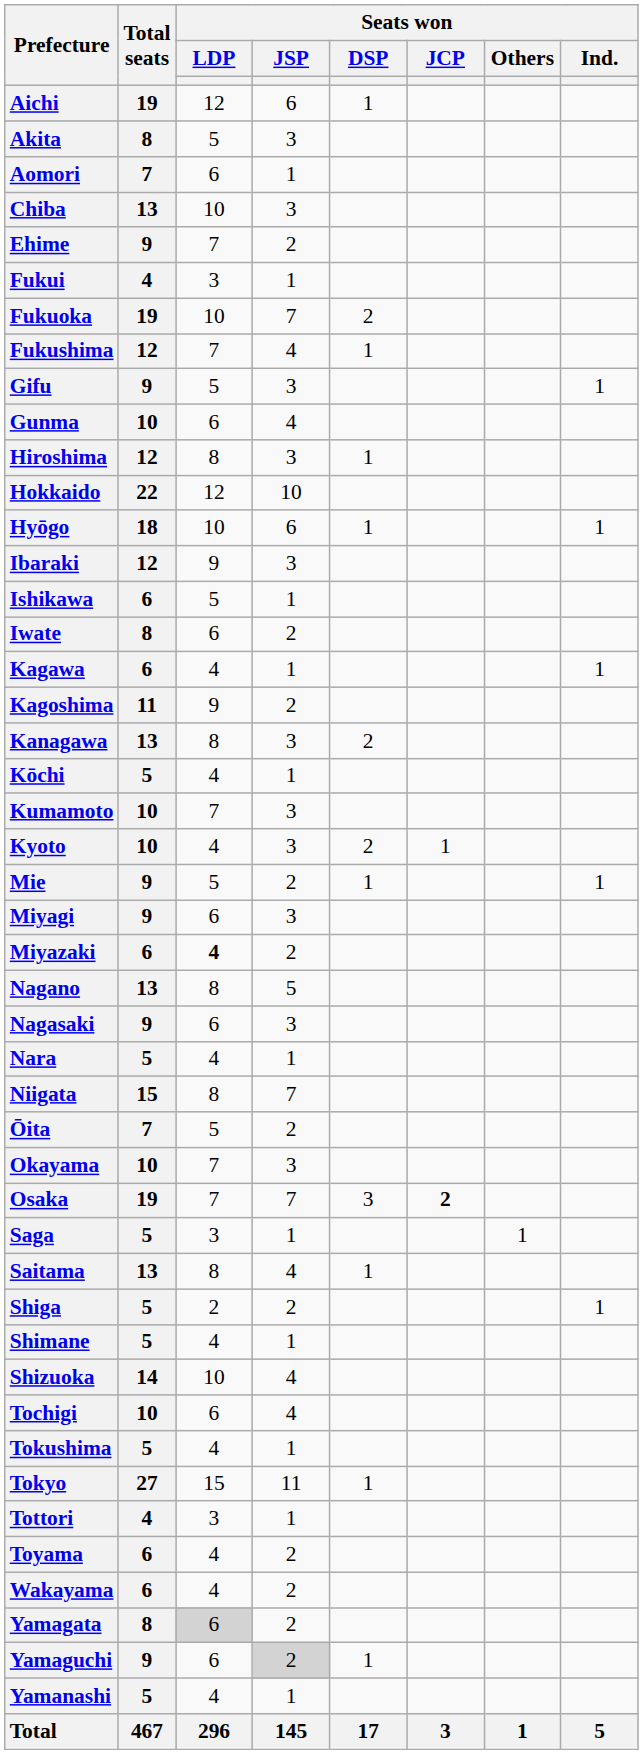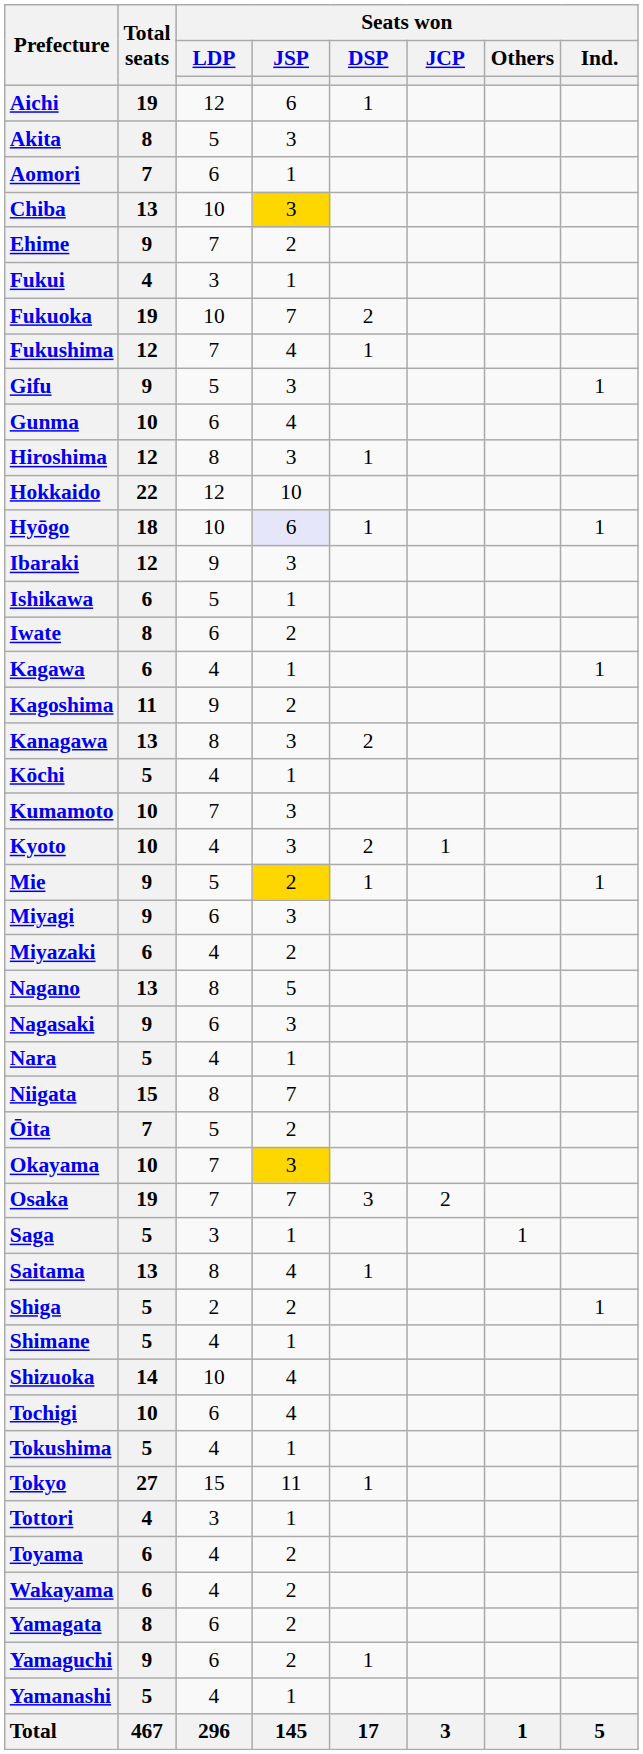 <table class="wikitable" style="text-align:center; font-size: 0.9em;">
 <tr>
 <th rowspan="3">Prefecture</th>
 <th rowspan="3">Total<br>seats</th>
 <th colspan="6">Seats won</th>
 </tr>
 <tr>
 <th class="unsortable" style="width:45px;"><a href='#'>LDP</a></th>
 <th class="unsortable" style="width:45px;"><a href='#'>JSP</a></th>
 <th class="unsortable" style="width:45px;"><a href='#'>DSP</a></th>
 <th class="unsortable" style="width:45px;"><a href='#'>JCP</a></th>
 <th class="unsortable" style="width:45px;">Others</th>
 <th class="unsortable" style="width:45px;">Ind.</th>
 </tr>
 <tr>
 <th style="background:"></th>
 <th style="background:"></th>
 <th style="background:"></th>
 <th style="background:"></th>
 <th></th>
 <th style="background:"></th>
 </tr>
 <tr>
 <th style="text-align: left;"><a href='#'>Aichi</a></th>
 <th>19</th>
 <td>12</td>
 <td>6</td>
 <td>1</td>
 <td></td>
 <td></td>
 <td></td>
 </tr>
 <tr>
 <th style="text-align: left;"><a href='#'>Akita</a></th>
 <th>8</th>
 <td>5</td>
 <td>3</td>
 <td></td>
 <td></td>
 <td></td>
 <td></td>
 </tr>
 <tr>
 <th style="text-align: left;"><a href='#'>Aomori</a></th>
 <th>7</th>
 <td>6</td>
 <td>1</td>
 <td></td>
 <td></td>
 <td></td>
 <td></td>
 </tr>
 <tr>
 <th style="text-align: left;"><a href='#'>Chiba</a></th>
 <th>13</th>
 <td>10</td>
-<td>3</td>
+<td style="background: gold;">3</td>
 <td></td>
 <td></td>
 <td></td>
 <td></td>
 </tr>
 <tr>
 <th style="text-align: left;"><a href='#'>Ehime</a></th>
 <th>9</th>
 <td>7</td>
 <td>2</td>
 <td></td>
 <td></td>
 <td></td>
 <td></td>
 </tr>
 <tr>
 <th style="text-align: left;"><a href='#'>Fukui</a></th>
 <th>4</th>
 <td>3</td>
 <td>1</td>
 <td></td>
 <td></td>
 <td></td>
 <td></td>
 </tr>
 <tr>
 <th style="text-align: left;"><a href='#'>Fukuoka</a></th>
 <th>19</th>
 <td>10</td>
 <td>7</td>
 <td>2</td>
 <td></td>
 <td></td>
 <td></td>
 </tr>
 <tr>
 <th style="text-align: left;"><a href='#'>Fukushima</a></th>
 <th>12</th>
 <td>7</td>
 <td>4</td>
 <td>1</td>
 <td></td>
 <td></td>
 <td></td>
 </tr>
 <tr>
 <th style="text-align: left;"><a href='#'>Gifu</a></th>
 <th>9</th>
 <td>5</td>
 <td>3</td>
 <td></td>
 <td></td>
 <td></td>
 <td>1</td>
 </tr>
 <tr>
 <th style="text-align: left;"><a href='#'>Gunma</a></th>
 <th>10</th>
 <td>6</td>
 <td>4</td>
 <td></td>
 <td></td>
 <td></td>
 <td></td>
 </tr>
 <tr>
 <th style="text-align: left;"><a href='#'>Hiroshima</a></th>
 <th>12</th>
 <td>8</td>
 <td>3</td>
 <td>1</td>
 <td></td>
 <td></td>
 <td></td>
 </tr>
 <tr>
 <th style="text-align: left;"><a href='#'>Hokkaido</a></th>
 <th>22</th>
 <td>12</td>
 <td>10</td>
 <td></td>
 <td></td>
 <td></td>
 <td></td>
 </tr>
 <tr>
 <th style="text-align: left;"><a href='#'>Hyōgo</a></th>
 <th>18</th>
 <td>10</td>
-<td>6</td>
+<td style="background: lavender;">6</td>
 <td>1</td>
 <td></td>
 <td></td>
 <td>1</td>
 </tr>
 <tr>
 <th style="text-align: left;"><a href='#'>Ibaraki</a></th>
 <th>12</th>
 <td>9</td>
 <td>3</td>
 <td></td>
 <td></td>
 <td></td>
 <td></td>
 </tr>
 <tr>
 <th style="text-align: left;"><a href='#'>Ishikawa</a></th>
 <th>6</th>
 <td>5</td>
 <td>1</td>
 <td></td>
 <td></td>
 <td></td>
 <td></td>
 </tr>
 <tr>
 <th style="text-align: left;"><a href='#'>Iwate</a></th>
 <th>8</th>
 <td>6</td>
 <td>2</td>
 <td></td>
 <td></td>
 <td></td>
 <td></td>
 </tr>
 <tr>
 <th style="text-align: left;"><a href='#'>Kagawa</a></th>
 <th>6</th>
 <td>4</td>
 <td>1</td>
 <td></td>
 <td></td>
 <td></td>
 <td>1</td>
 </tr>
 <tr>
 <th style="text-align: left;"><a href='#'>Kagoshima</a></th>
 <th>11</th>
 <td>9</td>
 <td>2</td>
 <td></td>
 <td></td>
 <td></td>
 <td></td>
 </tr>
 <tr>
 <th style="text-align: left;"><a href='#'>Kanagawa</a></th>
 <th>13</th>
 <td>8</td>
 <td>3</td>
 <td>2</td>
 <td></td>
 <td></td>
 <td></td>
 </tr>
 <tr>
 <th style="text-align: left;"><a href='#'>Kōchi</a></th>
 <th>5</th>
 <td>4</td>
 <td>1</td>
 <td></td>
 <td></td>
 <td></td>
 <td></td>
 </tr>
 <tr>
 <th style="text-align: left;"><a href='#'>Kumamoto</a></th>
 <th>10</th>
 <td>7</td>
 <td>3</td>
 <td></td>
 <td></td>
 <td></td>
 <td></td>
 </tr>
 <tr>
 <th style="text-align: left;"><a href='#'>Kyoto</a></th>
 <th>10</th>
 <td>4</td>
 <td>3</td>
 <td>2</td>
 <td>1</td>
 <td></td>
 <td></td>
 </tr>
 <tr>
 <th style="text-align: left;"><a href='#'>Mie</a></th>
 <th>9</th>
 <td>5</td>
-<td>2</td>
+<td style="background: gold;">2</td>
 <td>1</td>
 <td></td>
 <td></td>
 <td>1</td>
 </tr>
 <tr>
 <th style="text-align: left;"><a href='#'>Miyagi</a></th>
 <th>9</th>
 <td>6</td>
 <td>3</td>
 <td></td>
 <td></td>
 <td></td>
 <td></td>
 </tr>
 <tr>
 <th style="text-align: left;"><a href='#'>Miyazaki</a></th>
 <th>6</th>
-<td><strong>4</strong></td>
+<td>4</td>
 <td>2</td>
 <td></td>
 <td></td>
 <td></td>
 <td></td>
 </tr>
 <tr>
 <th style="text-align: left;"><a href='#'>Nagano</a></th>
 <th>13</th>
 <td>8</td>
 <td>5</td>
 <td></td>
 <td></td>
 <td></td>
 <td></td>
 </tr>
 <tr>
 <th style="text-align: left;"><a href='#'>Nagasaki</a></th>
 <th>9</th>
 <td>6</td>
 <td>3</td>
 <td></td>
 <td></td>
 <td></td>
 <td></td>
 </tr>
 <tr>
 <th style="text-align: left;"><a href='#'>Nara</a></th>
 <th>5</th>
 <td>4</td>
 <td>1</td>
 <td></td>
 <td></td>
 <td></td>
 <td></td>
 </tr>
 <tr>
 <th style="text-align: left;"><a href='#'>Niigata</a></th>
 <th>15</th>
 <td>8</td>
 <td>7</td>
 <td></td>
 <td></td>
 <td></td>
 <td></td>
 </tr>
 <tr>
 <th style="text-align: left;"><a href='#'>Ōita</a></th>
 <th>7</th>
 <td>5</td>
 <td>2</td>
 <td></td>
 <td></td>
 <td></td>
 <td></td>
 </tr>
 <tr>
 <th style="text-align: left;"><a href='#'>Okayama</a></th>
 <th>10</th>
 <td>7</td>
-<td>3</td>
+<td style="background: gold;">3</td>
 <td></td>
 <td></td>
 <td></td>
 <td></td>
 </tr>
 <tr>
 <th style="text-align: left;"><a href='#'>Osaka</a></th>
 <th>19</th>
 <td>7</td>
 <td>7</td>
 <td>3</td>
-<td><strong>2</strong></td>
+<td>2</td>
 <td></td>
 <td></td>
 </tr>
 <tr>
 <th style="text-align: left;"><a href='#'>Saga</a></th>
 <th>5</th>
 <td>3</td>
 <td>1</td>
 <td></td>
 <td></td>
 <td>1</td>
 <td></td>
 </tr>
 <tr>
 <th style="text-align: left;"><a href='#'>Saitama</a></th>
 <th>13</th>
 <td>8</td>
 <td>4</td>
 <td>1</td>
 <td></td>
 <td></td>
 <td></td>
 </tr>
 <tr>
 <th style="text-align: left;"><a href='#'>Shiga</a></th>
 <th>5</th>
 <td>2</td>
 <td>2</td>
 <td></td>
 <td></td>
 <td></td>
 <td>1</td>
 </tr>
 <tr>
 <th style="text-align: left;"><a href='#'>Shimane</a></th>
 <th>5</th>
 <td>4</td>
 <td>1</td>
 <td></td>
 <td></td>
 <td></td>
 <td></td>
 </tr>
 <tr>
 <th style="text-align: left;"><a href='#'>Shizuoka</a></th>
 <th>14</th>
 <td>10</td>
 <td>4</td>
 <td></td>
 <td></td>
 <td></td>
 <td></td>
 </tr>
 <tr>
 <th style="text-align: left;"><a href='#'>Tochigi</a></th>
 <th>10</th>
 <td>6</td>
 <td>4</td>
 <td></td>
 <td></td>
 <td></td>
 <td></td>
 </tr>
 <tr>
 <th style="text-align: left;"><a href='#'>Tokushima</a></th>
 <th>5</th>
 <td>4</td>
 <td>1</td>
 <td></td>
 <td></td>
 <td></td>
 <td></td>
 </tr>
 <tr>
 <th style="text-align: left;"><a href='#'>Tokyo</a></th>
 <th>27</th>
 <td>15</td>
 <td>11</td>
 <td>1</td>
 <td></td>
 <td></td>
 <td></td>
 </tr>
 <tr>
 <th style="text-align: left;"><a href='#'>Tottori</a></th>
 <th>4</th>
 <td>3</td>
 <td>1</td>
 <td></td>
 <td></td>
 <td></td>
 <td></td>
 </tr>
 <tr>
 <th style="text-align: left;"><a href='#'>Toyama</a></th>
 <th>6</th>
 <td>4</td>
 <td>2</td>
 <td></td>
 <td></td>
 <td></td>
 <td></td>
 </tr>
 <tr>
 <th style="text-align: left;"><a href='#'>Wakayama</a></th>
 <th>6</th>
 <td>4</td>
 <td>2</td>
 <td></td>
 <td></td>
 <td></td>
 <td></td>
 </tr>
 <tr>
 <th style="text-align: left;"><a href='#'>Yamagata</a></th>
 <th>8</th>
-<td style="background: lightgrey;">6</td>
+<td>6</td>
 <td>2</td>
 <td></td>
 <td></td>
 <td></td>
 <td></td>
 </tr>
 <tr>
 <th style="text-align: left;"><a href='#'>Yamaguchi</a></th>
 <th>9</th>
 <td>6</td>
-<td style="background: lightgrey;">2</td>
+<td>2</td>
 <td>1</td>
 <td></td>
 <td></td>
 <td></td>
 </tr>
 <tr>
 <th style="text-align: left;"><a href='#'>Yamanashi</a></th>
 <th>5</th>
 <td>4</td>
 <td>1</td>
 <td></td>
 <td></td>
 <td></td>
 <td></td>
 </tr>
 <tr class="sortbottom">
 <th style="text-align: left;">Total</th>
 <th>467</th>
 <th>296</th>
 <th>145</th>
 <th>17</th>
 <th>3</th>
 <th>1</th>
 <th>5</th>
 </tr>
 </table>
